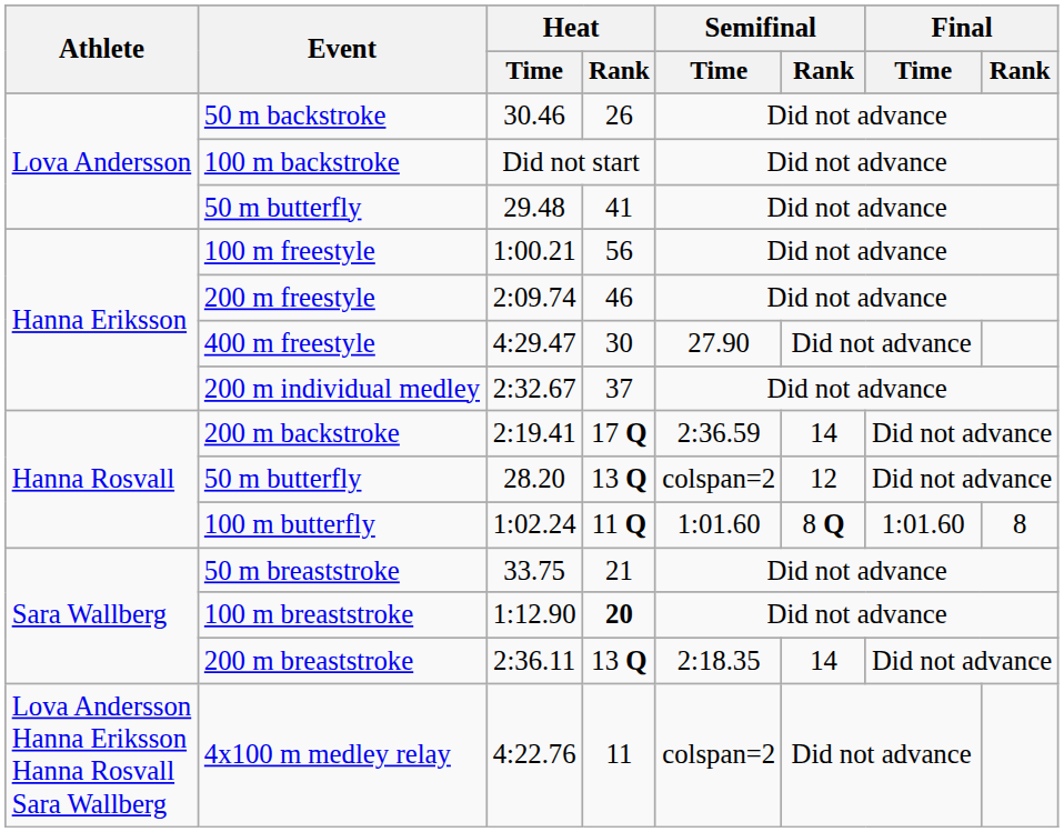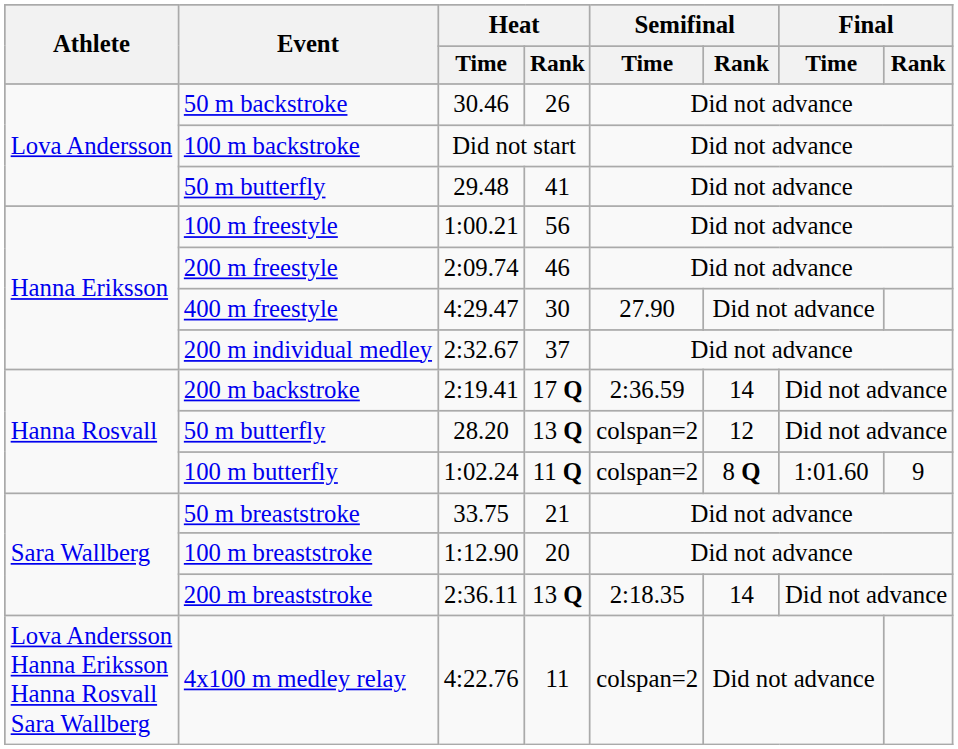 <table class=wikitable style="font-size:90%">
 <tr>
 <th rowspan="2">Athlete</th>
 <th rowspan="2">Event</th>
 <th colspan="2">Heat</th>
 <th colspan="2">Semifinal</th>
 <th colspan="2">Final</th>
 </tr>
 <tr style="font-size:95%">
 <th>Time</th>
 <th>Rank</th>
 <th>Time</th>
 <th>Rank</th>
 <th>Time</th>
 <th>Rank</th>
 </tr>
 <tr align=center>
 <td align=left rowspan=3><a href='#'>Lova Andersson</a></td>
 <td align=left><a href='#'>50 m backstroke</a></td>
 <td>30.46</td>
 <td>26</td>
 <td colspan=4>Did not advance</td>
 </tr>
 <tr align=center>
 <td align=left><a href='#'>100 m backstroke</a></td>
 <td colspan=2>Did not start</td>
 <td colspan=4>Did not advance</td>
 </tr>
 <tr align=center>
 <td align=left><a href='#'>50 m butterfly</a></td>
 <td>29.48</td>
 <td>41</td>
 <td colspan=4>Did not advance</td>
 </tr>
 <tr align=center>
 <td align=left rowspan=4><a href='#'>Hanna Eriksson</a></td>
 <td align=left><a href='#'>100 m freestyle</a></td>
 <td>1:00.21</td>
 <td>56</td>
 <td colspan=4>Did not advance</td>
 </tr>
 <tr align=center>
 <td align=left><a href='#'>200 m freestyle</a></td>
 <td>2:09.74</td>
 <td>46</td>
 <td colspan=4>Did not advance</td>
 </tr>
 <tr align=center>
 <td align=left><a href='#'>400 m freestyle</a></td>
 <td>4:29.47</td>
 <td>30</td>
 <td>27.90</td>
 <td colspan=2>Did not advance</td>
 </tr>
 <tr align=center>
 <td align=left><a href='#'>200 m individual medley</a></td>
 <td>2:32.67</td>
 <td>37</td>
 <td colspan=4>Did not advance</td>
 </tr>
 <tr align=center>
 <td align=left rowspan=3><a href='#'>Hanna Rosvall</a></td>
 <td align=left><a href='#'>200 m backstroke</a></td>
 <td>2:19.41</td>
 <td>17 <strong>Q</strong></td>
 <td>2:36.59</td>
 <td>14</td>
 <td colspan=2>Did not advance</td>
 </tr>
 <tr align=center>
 <td align=left><a href='#'>50 m butterfly</a></td>
 <td>28.20</td>
 <td>13 <strong>Q</strong></td>
 <td>colspan=2 </td>
 <td>12</td>
 <td colspan=2>Did not advance</td>
 </tr>
 <tr align=center>
 <td align=left><a href='#'>100 m butterfly</a></td>
 <td>1:02.24</td>
 <td>11 <strong>Q</strong></td>
-<td>1:01.60</td>
+<td>colspan=2 </td>
 <td>8 <strong>Q</strong></td>
 <td>1:01.60</td>
-<td>8</td>
+<td>9</td>
 </tr>
 <tr align=center>
 <td align=left rowspan=3><a href='#'>Sara Wallberg</a></td>
 <td align=left><a href='#'>50 m breaststroke</a></td>
 <td>33.75</td>
 <td>21</td>
 <td colspan=4>Did not advance</td>
 </tr>
 <tr align=center>
 <td align=left><a href='#'>100 m breaststroke</a></td>
 <td>1:12.90</td>
-<td><strong>20</strong></td>
+<td>20</td>
 <td colspan=4>Did not advance</td>
 </tr>
 <tr align=center>
 <td align=left><a href='#'>200 m breaststroke</a></td>
 <td>2:36.11</td>
 <td>13 <strong>Q</strong></td>
 <td>2:18.35</td>
 <td>14</td>
 <td colspan=2>Did not advance</td>
 </tr>
 <tr align=center>
 <td align=left><a href='#'>Lova Andersson</a><br><a href='#'>Hanna Eriksson</a><br><a href='#'>Hanna Rosvall</a><br><a href='#'>Sara Wallberg</a></td>
 <td align=left><a href='#'>4x100 m medley relay</a></td>
 <td>4:22.76</td>
 <td>11</td>
 <td>colspan=2 </td>
 <td colspan=2>Did not advance</td>
 </tr>
 </table>
